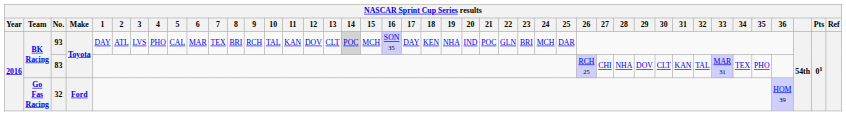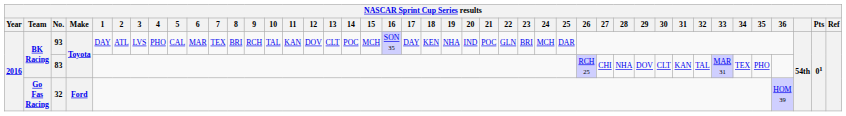 <table class="wikitable" style="text-align:center; font-size:75%">
 <tr>
 <th colspan=43><a href='#'>NASCAR Sprint Cup Series</a> results</th>
 </tr>
 <tr>
 <th>Year</th>
 <th>Team</th>
 <th>No.</th>
 <th>Make</th>
 <th>1</th>
 <th>2</th>
 <th>3</th>
 <th>4</th>
 <th>5</th>
 <th>6</th>
 <th>7</th>
 <th>8</th>
 <th>9</th>
 <th>10</th>
 <th>11</th>
 <th>12</th>
 <th>13</th>
 <th>14</th>
 <th>15</th>
 <th>16</th>
 <th>17</th>
 <th>18</th>
 <th>19</th>
 <th>20</th>
 <th>21</th>
 <th>22</th>
 <th>23</th>
 <th>24</th>
 <th>25</th>
 <th>26</th>
 <th>27</th>
 <th>28</th>
 <th>29</th>
 <th>30</th>
 <th>31</th>
 <th>32</th>
 <th>33</th>
 <th>34</th>
 <th>35</th>
 <th>36</th>
 <th></th>
 <th>Pts</th>
 <th>Ref</th>
 </tr>
 <tr>
 <th rowspan=3><a href='#'>2016</a></th>
 <th rowspan=2><a href='#'>BK Racing</a></th>
 <th>93</th>
 <th rowspan=2><a href='#'>Toyota</a></th>
 <td><a href='#'>DAY</a></td>
 <td><a href='#'>ATL</a></td>
 <td><a href='#'>LVS</a></td>
 <td><a href='#'>PHO</a></td>
 <td><a href='#'>CAL</a></td>
 <td><a href='#'>MAR</a></td>
 <td><a href='#'>TEX</a></td>
 <td><a href='#'>BRI</a></td>
 <td><a href='#'>RCH</a></td>
 <td><a href='#'>TAL</a></td>
 <td><a href='#'>KAN</a></td>
 <td><a href='#'>DOV</a></td>
 <td><a href='#'>CLT</a></td>
-<td style="background: lightgrey;"><a href='#'>POC</a></td>
+<td><a href='#'>POC</a></td>
 <td><a href='#'>MCH</a></td>
 <td style="background:#CFCFFF;"><a href='#'>SON</a><br><small>35</small></td>
 <td><a href='#'>DAY</a></td>
 <td><a href='#'>KEN</a></td>
 <td><a href='#'>NHA</a></td>
 <td><a href='#'>IND</a></td>
 <td><a href='#'>POC</a></td>
 <td><a href='#'>GLN</a></td>
 <td><a href='#'>BRI</a></td>
 <td><a href='#'>MCH</a></td>
 <td><a href='#'>DAR</a></td>
 <td colspan=11></td>
 <th rowspan=3>54th</th>
 <th rowspan=3>0<sup>1</sup></th>
 <th rowspan=3></th>
 </tr>
 <tr>
 <th>83</th>
 <td colspan=25></td>
 <td style="background:#CFCFFF;"><a href='#'>RCH</a><br><small>25</small></td>
 <td><a href='#'>CHI</a></td>
 <td><a href='#'>NHA</a></td>
 <td><a href='#'>DOV</a></td>
 <td><a href='#'>CLT</a></td>
 <td><a href='#'>KAN</a></td>
 <td><a href='#'>TAL</a></td>
 <td style="background:#CFCFFF;"><a href='#'>MAR</a><br><small>31</small></td>
 <td><a href='#'>TEX</a></td>
 <td><a href='#'>PHO</a></td>
 <td></td>
 </tr>
 <tr>
 <th><a href='#'>Go Fas Racing</a></th>
 <th>32</th>
 <th><a href='#'>Ford</a></th>
 <td colspan=35></td>
 <td style="background:#CFCFFF;"><a href='#'>HOM</a><br><small>39</small></td>
 </tr>
 </table>
